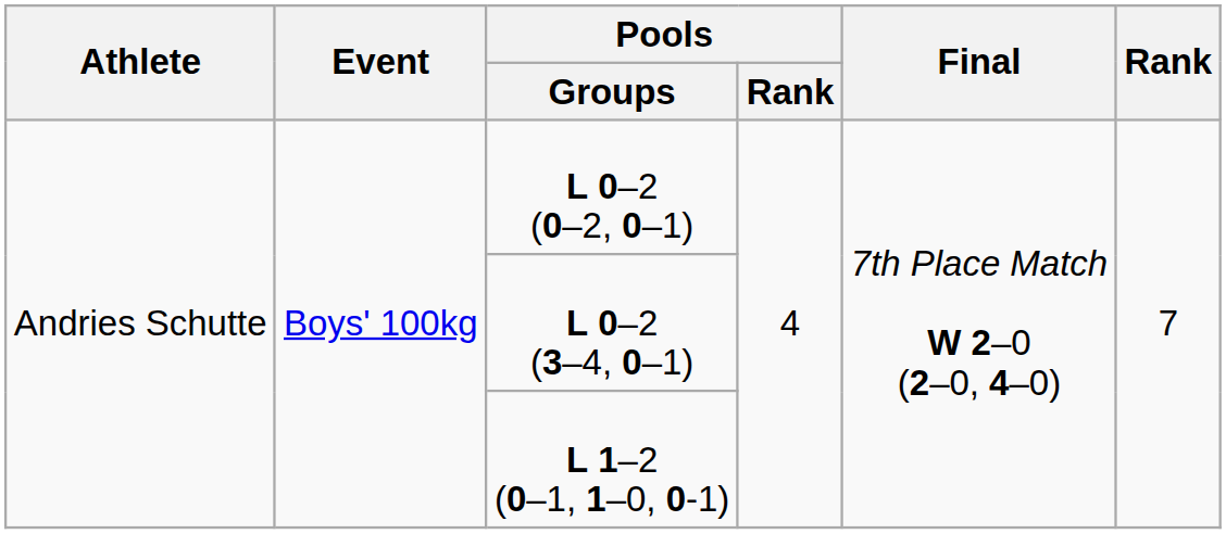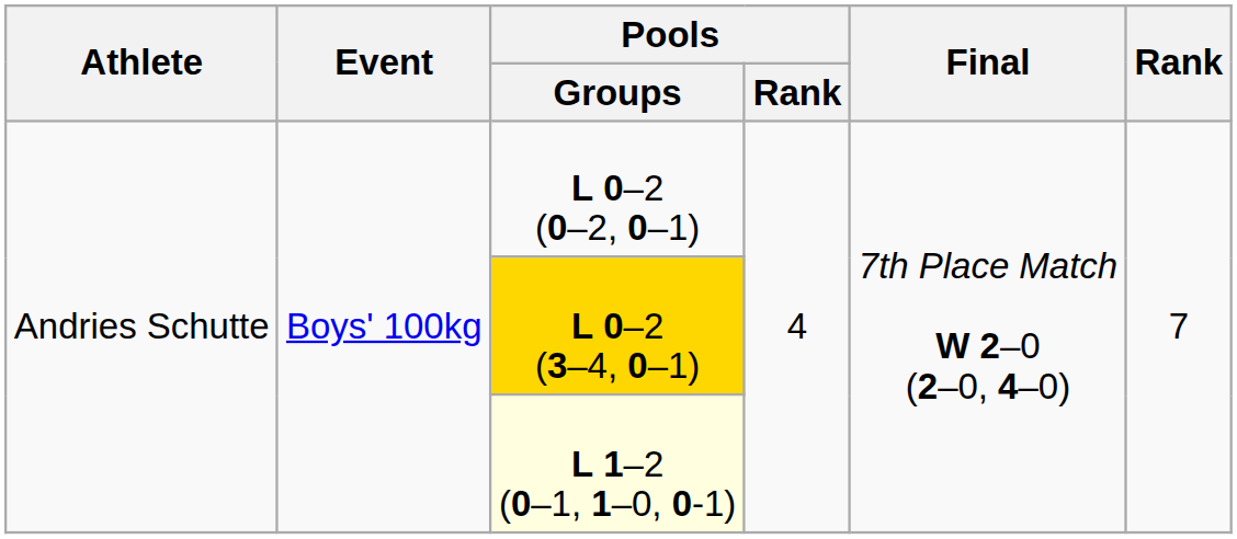 <table class="wikitable" style="text-align:left; font-size:90%">
 <tr>
 <th rowspan="2">Athlete</th>
 <th rowspan="2">Event</th>
 <th colspan="2">Pools</th>
 <th rowspan="2">Final</th>
 <th rowspan="2">Rank</th>
 </tr>
 <tr>
 <th>Groups</th>
 <th>Rank</th>
 </tr>
 <tr>
 <td rowspan="3">Andries Schutte</td>
 <td rowspan="3"><a href='#'>Boys' 100kg</a></td>
 <td align=center><br><strong>L</strong> <strong>0</strong>–2<br>(<strong>0</strong>–2, <strong>0</strong>–1)</td>
 <td rowspan="3" align=center>4</td>
 <td align=center rowspan=3><em>7th Place Match</em><br><br><strong>W</strong> <strong>2</strong>–0<br>(<strong>2</strong>–0, <strong>4</strong>–0)</td>
 <td rowspan="3" align="center">7</td>
 </tr>
 <tr>
-<td align=center><br><strong>L</strong> <strong>0</strong>–2<br>(<strong>3</strong>–4, <strong>0</strong>–1)</td>
+<td align=center style="background: gold;"><br><strong>L</strong> <strong>0</strong>–2<br>(<strong>3</strong>–4, <strong>0</strong>–1)</td>
 </tr>
 <tr>
-<td align=center><br><strong>L</strong> <strong>1</strong>–2<br>(<strong>0</strong>–1, <strong>1</strong>–0, <strong>0</strong>-1)</td>
+<td align=center style="background: lightyellow;"><br><strong>L</strong> <strong>1</strong>–2<br>(<strong>0</strong>–1, <strong>1</strong>–0, <strong>0</strong>-1)</td>
 </tr>
 </table>
